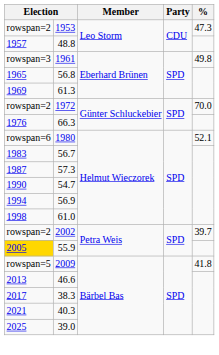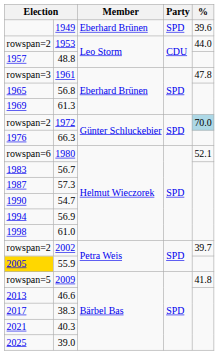 <table class=wikitable>
 <tr>
 <th colspan=2>Election</th>
 <th>Member</th>
 <th>Party</th>
 <th>%</th>
 </tr>
 <tr>
+<td></td>
+<td><a href='#'>1949</a></td>
+<td><a href='#'>Eberhard Brünen</a></td>
+<td><a href='#'>SPD</a></td>
+<td align=right>39.6</td>
+</tr>
+<tr>
 <td>rowspan=2 </td>
 <td><a href='#'>1953</a></td>
 <td rowspan=2><a href='#'>Leo Storm</a></td>
 <td rowspan=2><a href='#'>CDU</a></td>
-<td align=right>47.3</td>
+<td align=right>44.0</td>
 </tr>
 <tr>
 <td><a href='#'>1957</a></td>
 <td align=right>48.8</td>
 </tr>
 <tr>
 <td>rowspan=3 </td>
 <td><a href='#'>1961</a></td>
 <td rowspan=3><a href='#'>Eberhard Brünen</a></td>
 <td rowspan=3><a href='#'>SPD</a></td>
-<td align=right>49.8</td>
+<td align=right>47.8</td>
 </tr>
 <tr>
 <td><a href='#'>1965</a></td>
 <td align=right>56.8</td>
 </tr>
 <tr>
 <td><a href='#'>1969</a></td>
 <td align=right>61.3</td>
 </tr>
 <tr>
 <td>rowspan=2 </td>
 <td><a href='#'>1972</a></td>
 <td rowspan=2><a href='#'>Günter Schluckebier</a></td>
 <td rowspan=2><a href='#'>SPD</a></td>
-<td align=right>70.0</td>
+<td align=right style="background: lightblue;">70.0</td>
 </tr>
 <tr>
 <td><a href='#'>1976</a></td>
 <td align=right>66.3</td>
 </tr>
 <tr>
 <td>rowspan=6 </td>
 <td><a href='#'>1980</a></td>
 <td rowspan=6><a href='#'>Helmut Wieczorek</a></td>
 <td rowspan=6><a href='#'>SPD</a></td>
 <td align=right>52.1</td>
 </tr>
 <tr>
 <td><a href='#'>1983</a></td>
 <td align=right>56.7</td>
 </tr>
 <tr>
 <td><a href='#'>1987</a></td>
 <td align=right>57.3</td>
 </tr>
 <tr>
 <td><a href='#'>1990</a></td>
 <td align=right>54.7</td>
 </tr>
 <tr>
 <td><a href='#'>1994</a></td>
 <td align=right>56.9</td>
 </tr>
 <tr>
 <td><a href='#'>1998</a></td>
 <td align=right>61.0</td>
 </tr>
 <tr>
 <td>rowspan=2 </td>
 <td><a href='#'>2002</a></td>
 <td rowspan=2><a href='#'>Petra Weis</a></td>
 <td rowspan=2><a href='#'>SPD</a></td>
 <td align=right>39.7</td>
 </tr>
 <tr>
 <td style="background: gold;"><a href='#'>2005</a></td>
 <td align=right>55.9</td>
 </tr>
 <tr>
 <td>rowspan=5 </td>
 <td><a href='#'>2009</a></td>
 <td rowspan=5><a href='#'>Bärbel Bas</a></td>
 <td rowspan=5><a href='#'>SPD</a></td>
 <td align=right>41.8</td>
 </tr>
 <tr>
 <td><a href='#'>2013</a></td>
 <td align=right>46.6</td>
 </tr>
 <tr>
 <td><a href='#'>2017</a></td>
 <td align=right>38.3</td>
 </tr>
 <tr>
 <td><a href='#'>2021</a></td>
 <td align=right>40.3</td>
 </tr>
 <tr>
 <td><a href='#'>2025</a></td>
 <td align=right>39.0</td>
 </tr>
 </table>
